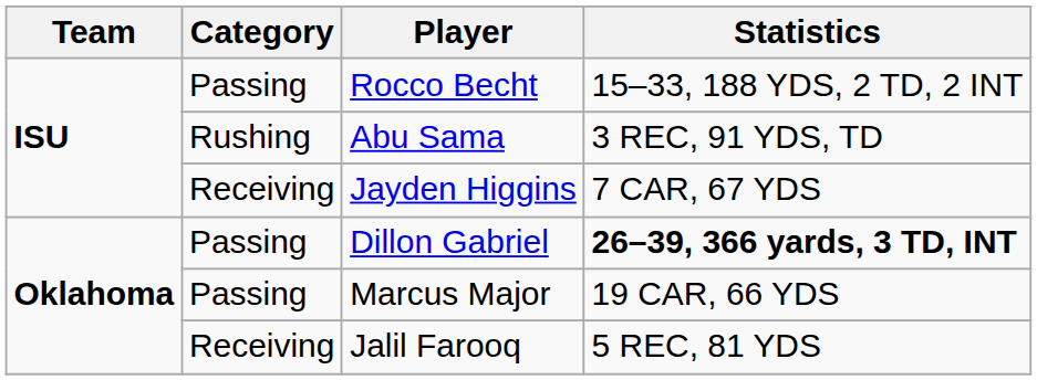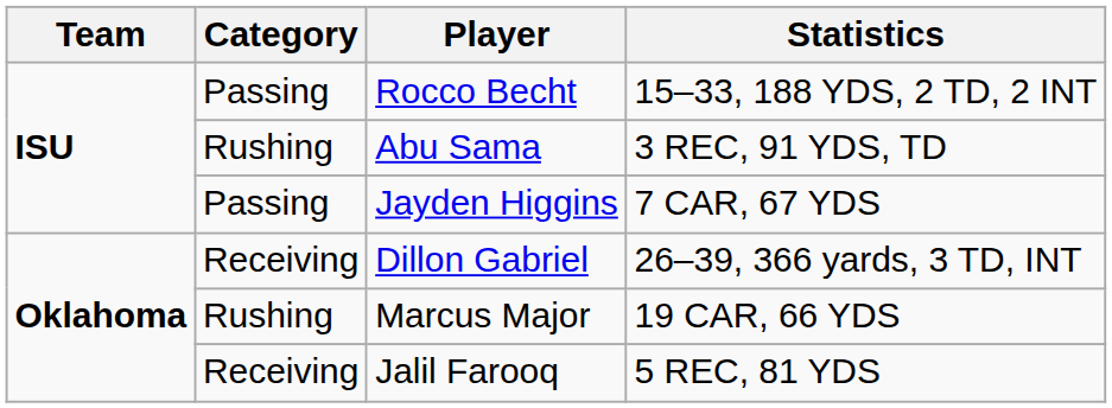 <table class="wikitable" style="float: right;">
 <tr>
 <th>Team</th>
 <th>Category</th>
 <th>Player</th>
 <th>Statistics</th>
 </tr>
 <tr>
 <td rowspan=3><strong>ISU</strong></td>
 <td>Passing</td>
 <td><a href='#'>Rocco Becht</a></td>
 <td>15–33, 188 YDS, 2 TD, 2 INT</td>
 </tr>
 <tr>
 <td>Rushing</td>
 <td><a href='#'>Abu Sama</a></td>
 <td>3 REC, 91 YDS, TD</td>
 </tr>
 <tr>
-<td>Receiving</td>
+<td>Passing</td>
 <td><a href='#'>Jayden Higgins</a></td>
 <td>7 CAR, 67 YDS</td>
 </tr>
 <tr>
 <td rowspan=3><strong>Oklahoma</strong></td>
-<td>Passing</td>
+<td>Receiving</td>
 <td><a href='#'>Dillon Gabriel</a></td>
-<td><strong>26–39, 366 yards, 3 TD, INT</strong></td>
+<td>26–39, 366 yards, 3 TD, INT</td>
 </tr>
 <tr>
-<td>Passing</td>
+<td>Rushing</td>
 <td>Marcus Major</td>
 <td>19 CAR, 66 YDS</td>
 </tr>
 <tr>
 <td>Receiving</td>
 <td>Jalil Farooq</td>
 <td>5 REC, 81 YDS</td>
 </tr>
 </table>
